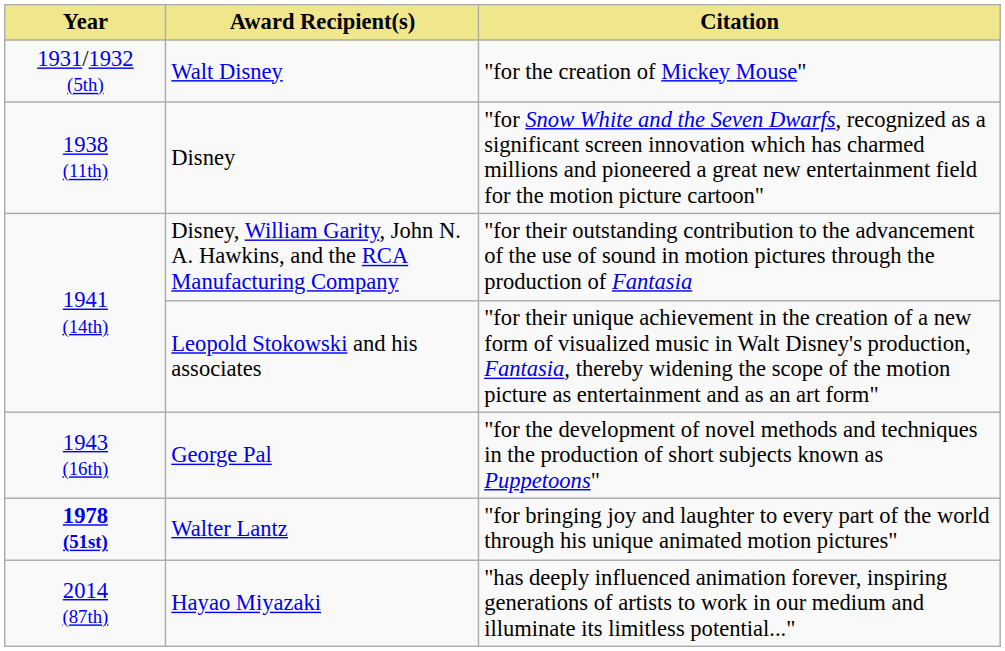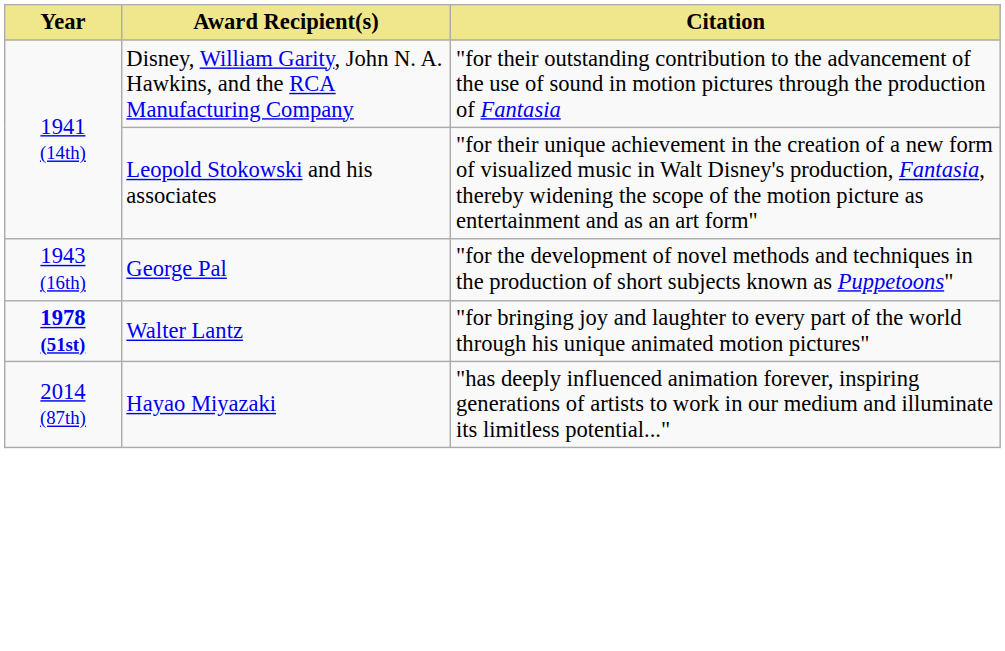 <table class="wikitable" width="80%">
 <tr>
 <th width="5%" style="background:#F0E68C">Year</th>
 <th width="15%" style="background:#F0E68C">Award Recipient(s)</th>
 <th width="25%" style="background:#F0E68C">Citation</th>
-</tr>
-<tr>
-<td align="center"><a href='#'>1931</a>/<a href='#'>1932</a><br><small><a href='#'>(5th)</a></small></td>
-<td><a href='#'>Walt Disney</a></td>
-<td>"for the creation of <a href='#'>Mickey Mouse</a>"</td>
-</tr>
-<tr>
-<td align="center"><a href='#'>1938</a><br><small><a href='#'>(11th)</a></small></td>
-<td>Disney</td>
-<td>"for <em><a href='#'>Snow White and the Seven Dwarfs</a></em>, recognized as a significant screen innovation which has charmed millions and pioneered a great new entertainment field for the motion picture cartoon"</td>
 </tr>
 <tr>
 <td rowspan=2 align="center"><a href='#'>1941</a><br><small><a href='#'>(14th)</a></small></td>
 <td>Disney, <a href='#'>William Garity</a>, John N. A. Hawkins, and the <a href='#'>RCA Manufacturing Company</a></td>
 <td>"for their outstanding contribution to the advancement of the use of sound in motion pictures through the production of <em><a href='#'>Fantasia</a></em></td>
 </tr>
 <tr>
 <td><a href='#'>Leopold Stokowski</a> and his associates</td>
 <td>"for their unique achievement in the creation of a new form of visualized music in Walt Disney's production, <em><a href='#'>Fantasia</a></em>, thereby widening the scope of the motion picture as entertainment and as an art form"</td>
 </tr>
 <tr>
 <td align="center"><a href='#'>1943</a><br><small><a href='#'>(16th)</a></small></td>
 <td><a href='#'>George Pal</a></td>
 <td>"for the development of novel methods and techniques in the production of short subjects known as <em><a href='#'>Puppetoons</a></em>"</td>
 </tr>
 <tr>
 <td align="center"><strong><a href='#'>1978</a><br><small><a href='#'>(51st)</a></small></strong></td>
 <td><a href='#'>Walter Lantz</a></td>
 <td>"for bringing joy and laughter to every part of the world through his unique animated motion pictures"</td>
 </tr>
 <tr>
 <td align="center"><a href='#'>2014</a><br><small><a href='#'>(87th)</a></small></td>
 <td><a href='#'>Hayao Miyazaki</a></td>
 <td>"has deeply influenced animation forever, inspiring generations of artists to work in our medium and illuminate its limitless potential..."</td>
 </tr>
 </table>
